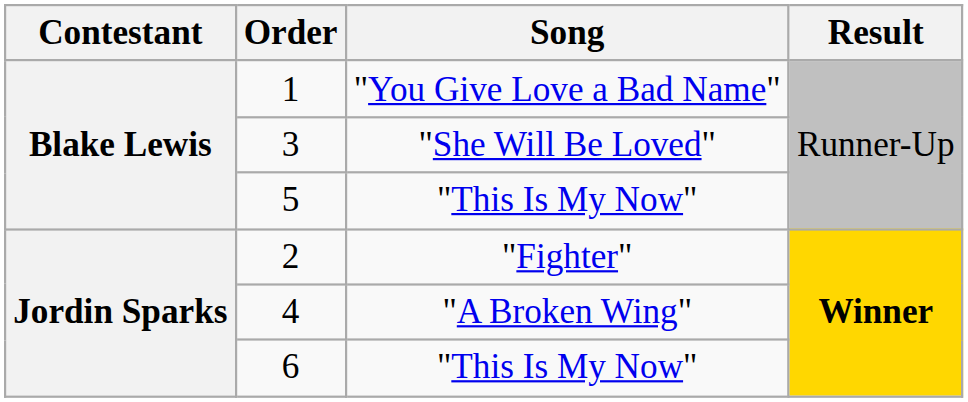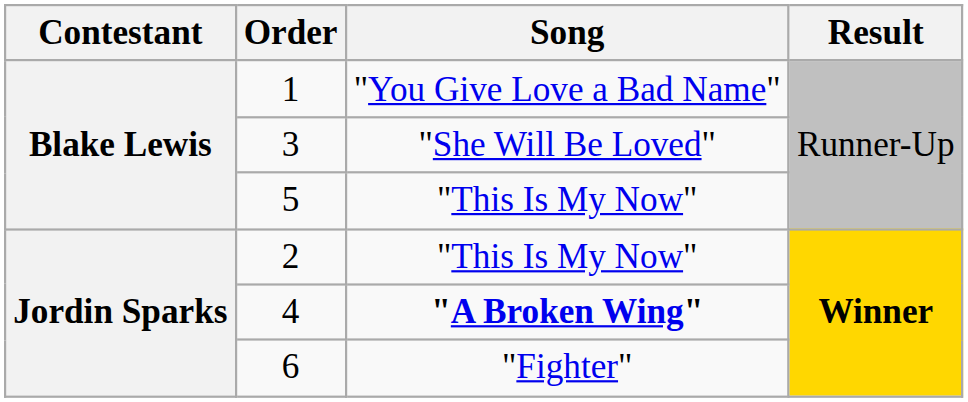 <table class="wikitable unsortable" style="text-align:center;">
 <tr>
 <th scope="col">Contestant</th>
 <th scope="col">Order</th>
 <th scope="col">Song</th>
 <th scope="col">Result</th>
 </tr>
 <tr>
 <th scope="row" rowspan="3">Blake Lewis</th>
 <td>1</td>
 <td>"<a href='#'>You Give Love a Bad Name</a>"</td>
 <td rowspan="3" bgcolor="silver">Runner-Up</td>
 </tr>
 <tr>
 <td>3</td>
 <td>"<a href='#'>She Will Be Loved</a>"</td>
 </tr>
 <tr>
 <td>5</td>
 <td>"<a href='#'>This Is My Now</a>"</td>
 </tr>
 <tr>
 <th scope="row" rowspan="3">Jordin Sparks</th>
 <td>2</td>
-<td>"<a href='#'>Fighter</a>"</td>
+<td>"<a href='#'>This Is My Now</a>"</td>
 <td rowspan="3" bgcolor="gold"><strong>Winner</strong></td>
 </tr>
 <tr>
 <td>4</td>
-<td>"<a href='#'>A Broken Wing</a>"</td>
+<td><strong>"<a href='#'>A Broken Wing</a>"</strong></td>
 </tr>
 <tr>
 <td>6</td>
-<td>"<a href='#'>This Is My Now</a>"</td>
+<td>"<a href='#'>Fighter</a>"</td>
 </tr>
 </table>
